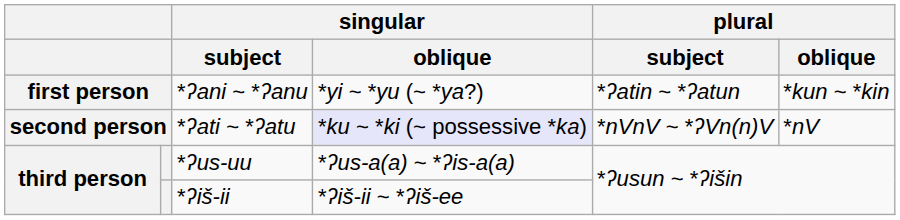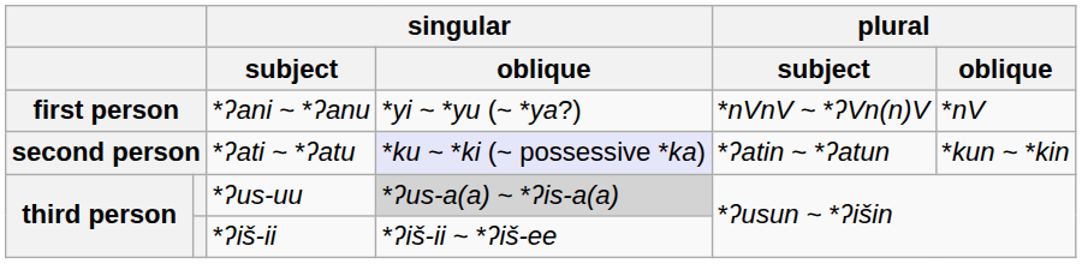 <table class="wikitable">
 <tr>
 <th colspan="2"></th>
 <th colspan="2">singular</th>
 <th colspan="2">plural</th>
 </tr>
 <tr>
 <th colspan="2"></th>
 <th>subject</th>
 <th>oblique</th>
 <th>subject</th>
 <th>oblique</th>
 </tr>
 <tr>
 <th colspan="2">first person</th>
 <td>*<em>ʔani</em> ~ *<em>ʔanu</em></td>
 <td>*<em>yi</em> ~ *<em>yu</em> (~ *<em>ya</em>?)</td>
-<td>*<em>ʔatin</em> ~ *<em>ʔatun</em></td>
-<td>*<em>kun</em> ~ *<em>kin</em></td>
+<td>*<em>nVnV</em> ~ *<em>ʔVn(n)V</em></td>
+<td>*<em>nV</em></td>
 </tr>
 <tr>
 <th colspan="2">second person</th>
 <td>*<em>ʔati</em> ~ *<em>ʔatu</em></td>
 <td style="background: lavender;">*<em>ku</em> ~ *<em>ki</em> (~ possessive *<em>ka</em>)</td>
-<td>*<em>nVnV</em> ~ *<em>ʔVn(n)V</em></td>
-<td>*<em>nV</em></td>
+<td>*<em>ʔatin</em> ~ *<em>ʔatun</em></td>
+<td>*<em>kun</em> ~ *<em>kin</em></td>
 </tr>
 <tr>
 <th rowspan="2">third person</th>
 <th></th>
 <td>*<em>ʔus-uu</em></td>
-<td>*<em>ʔus-a(a)</em> ~ *<em>ʔis-a(a)</em></td>
+<td style="background: lightgrey;">*<em>ʔus-a(a)</em> ~ *<em>ʔis-a(a)</em></td>
 <td rowspan="2" colspan="2">*<em>ʔusun</em> ~ *<em>ʔišin</em></td>
 </tr>
 <tr>
 <th></th>
 <td>*<em>ʔiš-ii</em></td>
 <td>*<em>ʔiš-ii</em> ~ *<em>ʔiš-ee</em></td>
 </tr>
 </table>
